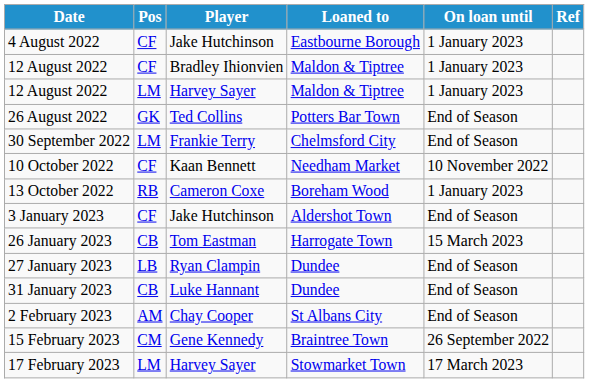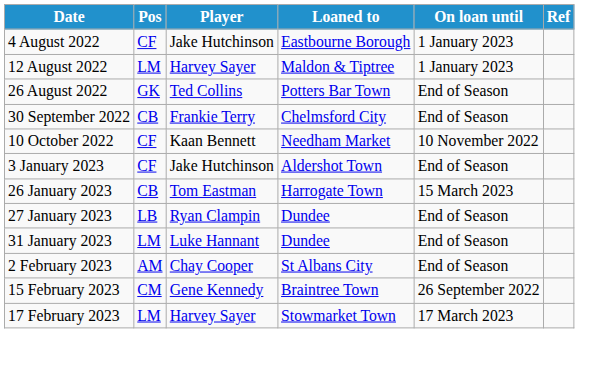 <table class="wikitable plainrowheaders sortable">
 <tr>
 <th style="background:#2191CC; color:#ffffff; ">Date</th>
 <th style="background:#2191CC; color:#ffffff; ">Pos</th>
 <th style="background:#2191CC; color:#ffffff; ">Player</th>
 <th style="background:#2191CC; color:#ffffff; ">Loaned to</th>
 <th style="background:#2191CC; color:#ffffff; ">On loan until</th>
 <th style="background:#2191CC; color:#ffffff; ">Ref</th>
 </tr>
 <tr>
 <td>4 August 2022</td>
 <td><a href='#'>CF</a></td>
 <td> Jake Hutchinson</td>
 <td> <a href='#'>Eastbourne Borough</a></td>
-<td>1 January 2023</td>
-<td></td>
-</tr>
-<tr>
-<td>12 August 2022</td>
-<td><a href='#'>CF</a></td>
-<td> Bradley Ihionvien</td>
-<td> <a href='#'>Maldon & Tiptree</a></td>
 <td>1 January 2023</td>
 <td></td>
 </tr>
 <tr>
 <td>12 August 2022</td>
 <td><a href='#'>LM</a></td>
 <td> <a href='#'>Harvey Sayer</a></td>
 <td> <a href='#'>Maldon & Tiptree</a></td>
 <td>1 January 2023</td>
 <td></td>
 </tr>
 <tr>
 <td>26 August 2022</td>
 <td><a href='#'>GK</a></td>
 <td> <a href='#'>Ted Collins</a></td>
 <td> <a href='#'>Potters Bar Town</a></td>
 <td>End of Season</td>
 <td></td>
 </tr>
 <tr>
 <td>30 September 2022</td>
-<td><a href='#'>LM</a></td>
+<td><a href='#'>CB</a></td>
 <td> <a href='#'>Frankie Terry</a></td>
 <td> <a href='#'>Chelmsford City</a></td>
 <td>End of Season</td>
 <td></td>
 </tr>
 <tr>
 <td>10 October 2022</td>
 <td><a href='#'>CF</a></td>
 <td> Kaan Bennett</td>
 <td> <a href='#'>Needham Market</a></td>
 <td>10 November 2022</td>
-<td></td>
-</tr>
-<tr>
-<td>13 October 2022</td>
-<td><a href='#'>RB</a></td>
-<td> <a href='#'>Cameron Coxe</a></td>
-<td> <a href='#'>Boreham Wood</a></td>
-<td>1 January 2023</td>
 <td></td>
 </tr>
 <tr>
 <td>3 January 2023</td>
 <td><a href='#'>CF</a></td>
 <td> Jake Hutchinson</td>
 <td> <a href='#'>Aldershot Town</a></td>
 <td>End of Season</td>
 <td></td>
 </tr>
 <tr>
 <td>26 January 2023</td>
 <td><a href='#'>CB</a></td>
 <td> <a href='#'>Tom Eastman</a></td>
 <td> <a href='#'>Harrogate Town</a></td>
 <td>15 March 2023</td>
 <td></td>
 </tr>
 <tr>
 <td>27 January 2023</td>
 <td><a href='#'>LB</a></td>
 <td> <a href='#'>Ryan Clampin</a></td>
 <td> <a href='#'>Dundee</a></td>
 <td>End of Season</td>
 <td></td>
 </tr>
 <tr>
 <td>31 January 2023</td>
-<td><a href='#'>CB</a></td>
+<td><a href='#'>LM</a></td>
 <td> <a href='#'>Luke Hannant</a></td>
 <td> <a href='#'>Dundee</a></td>
 <td>End of Season</td>
 <td></td>
 </tr>
 <tr>
 <td>2 February 2023</td>
 <td><a href='#'>AM</a></td>
 <td> <a href='#'>Chay Cooper</a></td>
 <td> <a href='#'>St Albans City</a></td>
 <td>End of Season</td>
 <td></td>
 </tr>
 <tr>
 <td>15 February 2023</td>
 <td><a href='#'>CM</a></td>
 <td> <a href='#'>Gene Kennedy</a></td>
 <td> <a href='#'>Braintree Town</a></td>
 <td>26 September 2022</td>
 <td></td>
 </tr>
 <tr>
 <td>17 February 2023</td>
 <td><a href='#'>LM</a></td>
 <td> <a href='#'>Harvey Sayer</a></td>
 <td> <a href='#'>Stowmarket Town</a></td>
 <td>17 March 2023</td>
 <td></td>
 </tr>
 </table>
